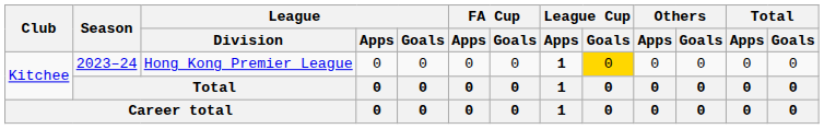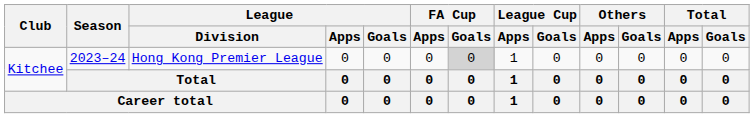 <table class="wikitable" style="text-align:center">
 <tr>
 <th rowspan="2">Club</th>
 <th rowspan="2">Season</th>
 <th colspan="3">League</th>
 <th colspan="2">FA Cup</th>
 <th colspan="2">League Cup</th>
 <th colspan="2">Others</th>
 <th colspan="2">Total</th>
 </tr>
 <tr>
 <th>Division</th>
 <th>Apps</th>
 <th>Goals</th>
 <th>Apps</th>
 <th>Goals</th>
 <th>Apps</th>
 <th>Goals</th>
 <th>Apps</th>
 <th>Goals</th>
 <th>Apps</th>
 <th>Goals</th>
 </tr>
 <tr>
 <td rowspan="2"><a href='#'>Kitchee</a></td>
 <td><a href='#'>2023–24</a></td>
 <td><a href='#'>Hong Kong Premier League</a></td>
 <td>0</td>
 <td>0</td>
 <td>0</td>
+<td style="background: lightgrey;">0</td>
+<td>1</td>
 <td>0</td>
-<td><strong>1</strong></td>
-<td style="background: gold;">0</td>
 <td>0</td>
 <td>0</td>
 <td>0</td>
 <td>0</td>
 </tr>
 <tr>
 <th colspan="2">Total</th>
 <th>0</th>
 <th>0</th>
 <th>0</th>
 <th>0</th>
 <th>1</th>
 <th>0</th>
 <th>0</th>
 <th>0</th>
 <th>0</th>
 <th>0</th>
 </tr>
 <tr>
 <th colspan="3">Career total</th>
 <th>0</th>
 <th>0</th>
 <th>0</th>
 <th>0</th>
 <th>1</th>
 <th>0</th>
 <th>0</th>
 <th>0</th>
 <th>0</th>
 <th>0</th>
 </tr>
 </table>
